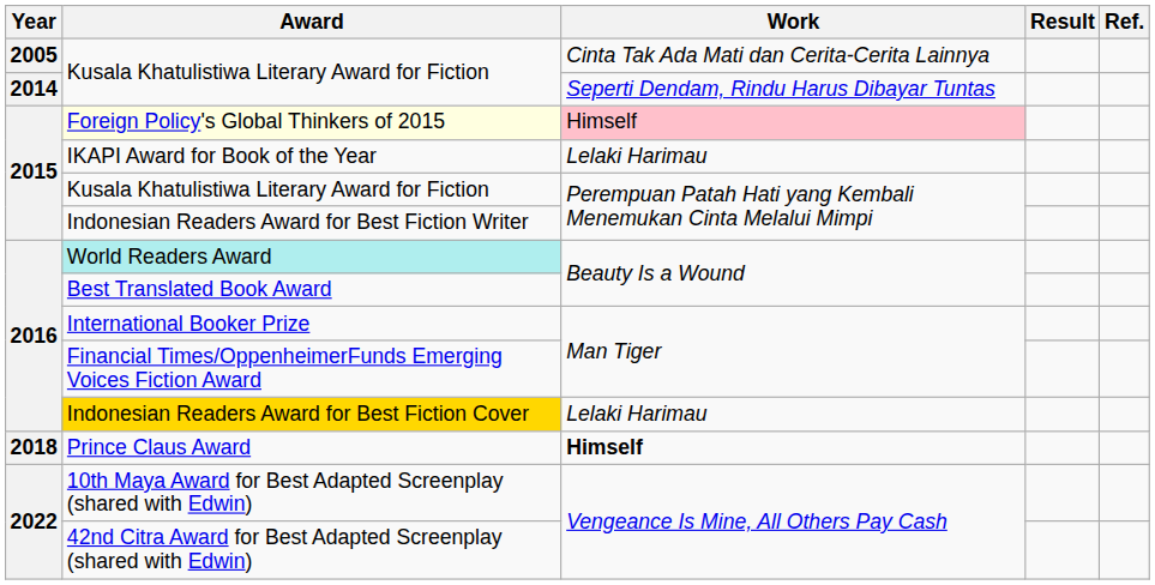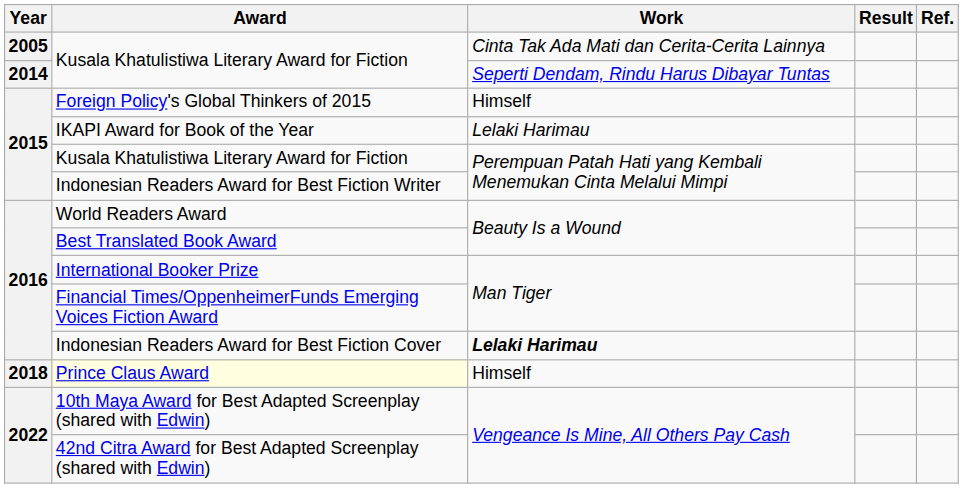 <table class="wikitable sortable">
 <tr>
 <th>Year</th>
 <th>Award</th>
 <th>Work</th>
 <th>Result</th>
 <th>Ref.</th>
 </tr>
 <tr>
 <th>2005</th>
 <td rowspan="2">Kusala Khatulistiwa Literary Award for Fiction</td>
 <td><em>Cinta Tak Ada Mati dan Cerita-Cerita Lainnya</em></td>
 <td></td>
 <td></td>
 </tr>
 <tr>
 <th>2014</th>
 <td><a href='#'><em>Seperti Dendam, Rindu Harus Dibayar Tuntas</em></a></td>
 <td></td>
 <td></td>
 </tr>
 <tr>
 <th rowspan="4">2015</th>
-<td style="background: lightyellow;"><a href='#'>Foreign Policy</a>'s Global Thinkers of 2015</td>
-<td style="background: pink;">Himself</td>
+<td><a href='#'>Foreign Policy</a>'s Global Thinkers of 2015</td>
+<td>Himself</td>
 <td></td>
 <td></td>
 </tr>
 <tr>
 <td>IKAPI Award for Book of the Year</td>
 <td><em>Lelaki Harimau</em></td>
 <td></td>
 <td></td>
 </tr>
 <tr>
 <td>Kusala Khatulistiwa Literary Award for Fiction</td>
 <td rowspan="2"><em>Perempuan Patah Hati yang Kembali Menemukan Cinta Melalui Mimpi</em></td>
 <td></td>
 <td></td>
 </tr>
 <tr>
 <td>Indonesian Readers Award for Best Fiction Writer</td>
 <td></td>
 <td></td>
 </tr>
 <tr>
 <th rowspan="5">2016</th>
-<td style="background: paleturquoise;">World Readers Award</td>
+<td>World Readers Award</td>
 <td rowspan="2"><em>Beauty Is a Wound</em></td>
 <td></td>
 <td></td>
 </tr>
 <tr>
 <td><a href='#'>Best Translated Book Award</a></td>
 <td></td>
 <td></td>
 </tr>
 <tr>
 <td><a href='#'>International Booker Prize</a></td>
 <td rowspan="2"><em>Man Tiger</em></td>
 <td></td>
 <td></td>
 </tr>
 <tr>
 <td><a href='#'>Financial Times/OppenheimerFunds Emerging Voices Fiction Award</a></td>
 <td></td>
 <td></td>
 </tr>
 <tr>
-<td style="background: gold;">Indonesian Readers Award for Best Fiction Cover</td>
-<td><em>Lelaki Harimau</em></td>
+<td>Indonesian Readers Award for Best Fiction Cover</td>
+<td><strong><em>Lelaki Harimau</em></strong></td>
 <td></td>
 <td></td>
 </tr>
 <tr>
 <th>2018</th>
-<td><a href='#'>Prince Claus Award</a></td>
-<td><strong>Himself</strong></td>
+<td style="background: lightyellow;"><a href='#'>Prince Claus Award</a></td>
+<td>Himself</td>
 <td></td>
 <td></td>
 </tr>
 <tr>
 <th rowspan="2">2022</th>
 <td><a href='#'>10th Maya Award</a> for Best Adapted Screenplay (shared with <a href='#'>Edwin</a>)</td>
 <td rowspan="2"><a href='#'><em>Vengeance Is Mine, All Others Pay Cash</em></a></td>
 <td></td>
 <td></td>
 </tr>
 <tr>
 <td><a href='#'>42nd Citra Award</a> for Best Adapted Screenplay (shared with <a href='#'>Edwin</a>)</td>
 <td></td>
 <td></td>
 </tr>
 </table>
